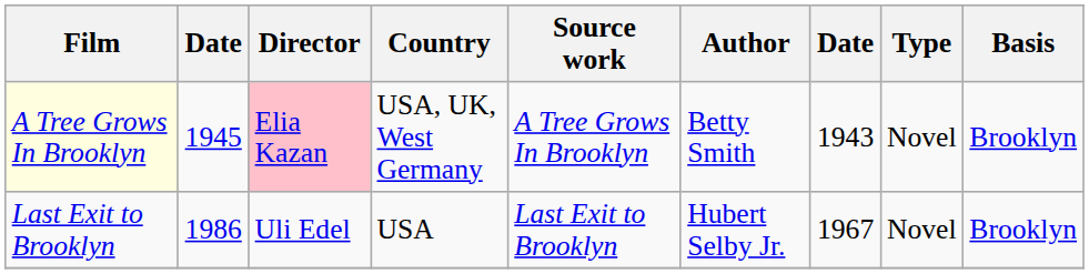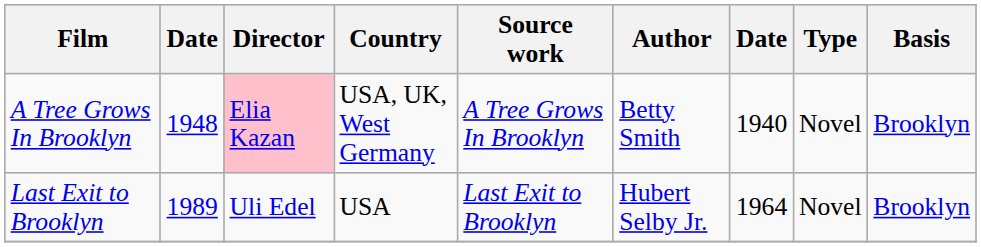 <table class="wikitable">
 <tr>
 <th>Film</th>
 <th>Date</th>
 <th>Director</th>
 <th>Country</th>
 <th>Source<br>work</th>
 <th>Author</th>
 <th>Date</th>
 <th>Type</th>
 <th>Basis</th>
 </tr>
 <tr>
-<td style="background: lightyellow;"><em><a href='#'>A Tree Grows In Brooklyn</a></em></td>
-<td><a href='#'>1945</a></td>
+<td><em><a href='#'>A Tree Grows In Brooklyn</a></em></td>
+<td><a href='#'>1948</a></td>
 <td style="background: pink;"><a href='#'>Elia Kazan</a></td>
 <td>USA, UK,<br><a href='#'>West Germany</a></td>
 <td><em><a href='#'>A Tree Grows In Brooklyn</a></em></td>
 <td><a href='#'>Betty Smith</a></td>
-<td>1943</td>
+<td>1940</td>
 <td>Novel</td>
 <td><a href='#'>Brooklyn</a></td>
 </tr>
 <tr>
 <td><em><a href='#'>Last Exit to Brooklyn</a></em></td>
-<td><a href='#'>1986</a></td>
+<td><a href='#'>1989</a></td>
 <td><a href='#'>Uli Edel</a></td>
 <td>USA</td>
 <td><em><a href='#'>Last Exit to Brooklyn</a></em></td>
 <td><a href='#'>Hubert Selby Jr.</a></td>
-<td>1967</td>
+<td>1964</td>
 <td>Novel</td>
 <td><a href='#'>Brooklyn</a></td>
 </tr>
 <tr>
 </tr>
 </table>
